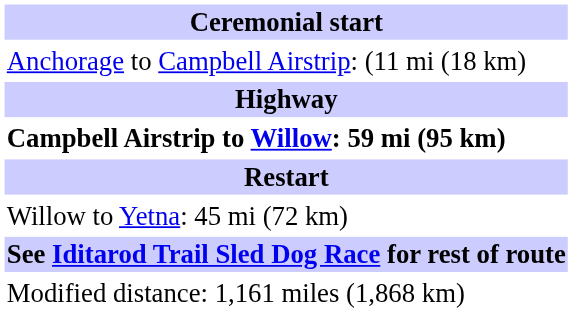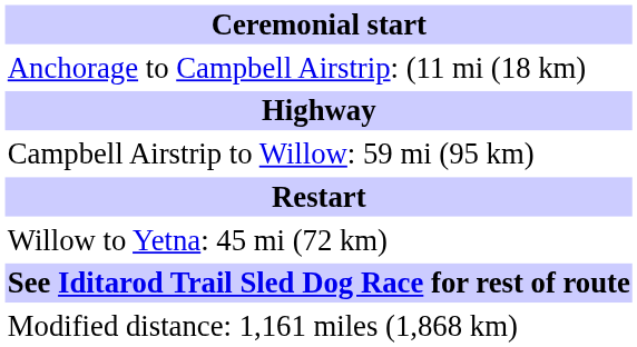 <table align="right" class="toccolours" style="margin: 0 .4em; font-size: 95%">
 <tr>
 <th align=center style="background: #ccf">Ceremonial start</th>
 </tr>
 <tr>
 <td><a href='#'>Anchorage</a> to <a href='#'>Campbell Airstrip</a>: (11 mi (18 km)</td>
 </tr>
 <tr>
 <th align=center style="background: #ccf">Highway</th>
 </tr>
 <tr>
-<td><strong>Campbell Airstrip to <a href='#'>Willow</a>: 59 mi (95 km)</strong></td>
+<td>Campbell Airstrip to <a href='#'>Willow</a>: 59 mi (95 km)</td>
 </tr>
 <tr>
 <th align=center style="background: #ccf">Restart</th>
 </tr>
 <tr>
 <td>Willow to <a href='#'>Yetna</a>: 45 mi (72 km)</td>
 </tr>
 <tr>
 <th align=center style="background: #ccf">See <a href='#'>Iditarod Trail Sled Dog Race</a> for rest of route</th>
 </tr>
 <tr>
 <td>Modified distance: 1,161 miles (1,868 km)</td>
 </tr>
 </table>
